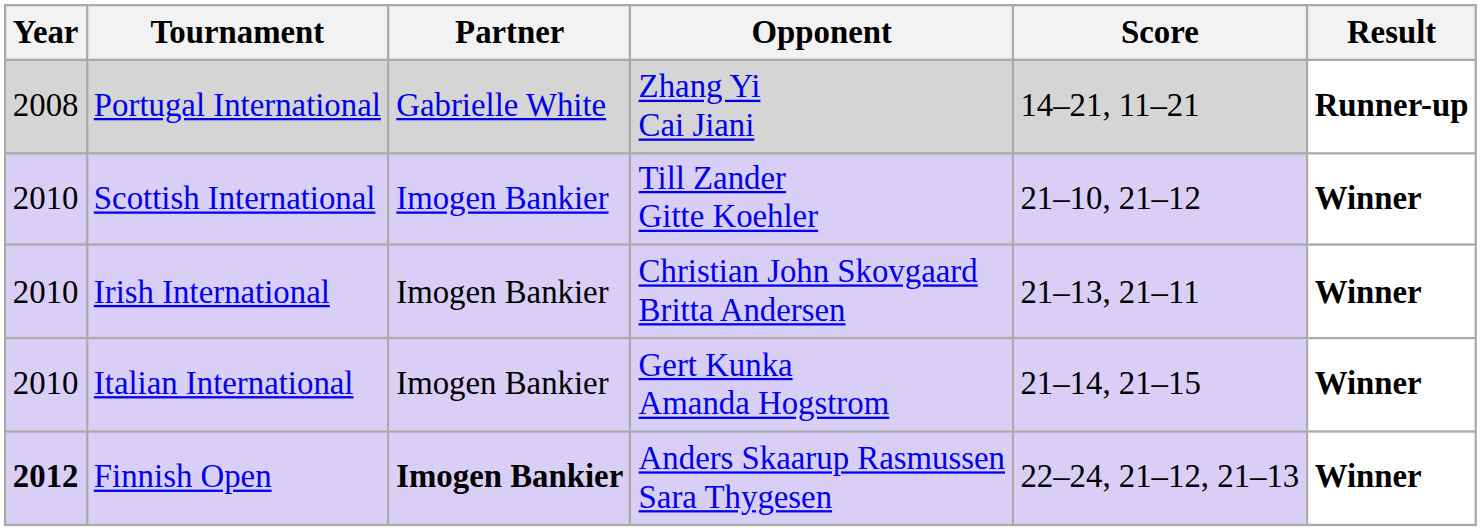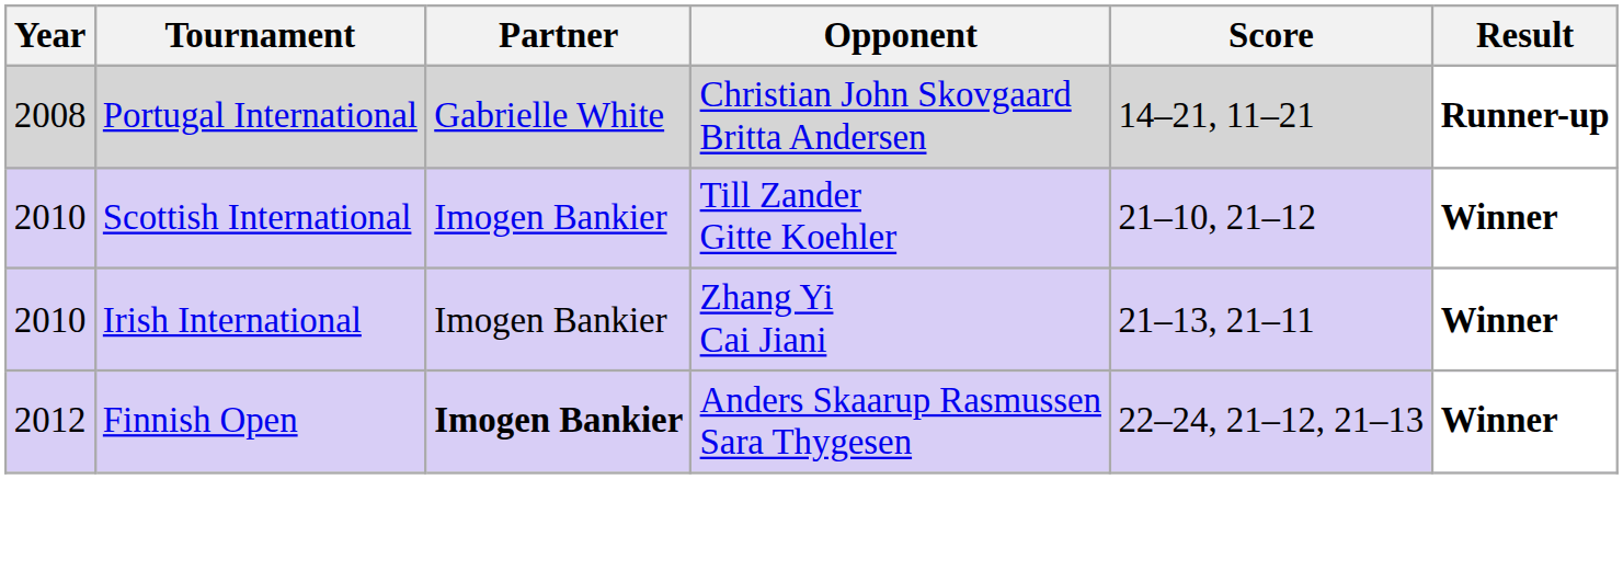 <table class="sortable wikitable" style="font-size: 90%;">
 <tr>
 <th>Year</th>
 <th>Tournament</th>
 <th>Partner</th>
 <th>Opponent</th>
 <th>Score</th>
 <th>Result</th>
 </tr>
 <tr style="background:#D5D5D5">
 <td align="center">2008</td>
 <td align="left"><a href='#'>Portugal International</a></td>
 <td align="left"> <a href='#'>Gabrielle White</a></td>
-<td align="left"> <a href='#'>Zhang Yi</a> <br>  <a href='#'>Cai Jiani</a></td>
+<td align="left"> <a href='#'>Christian John Skovgaard</a> <br>  <a href='#'>Britta Andersen</a></td>
 <td align="left">14–21, 11–21</td>
 <td style="text-align:left; background:white"> <strong>Runner-up</strong></td>
 </tr>
 <tr style="background:#D8CEF6">
 <td align="center">2010</td>
 <td align="left"><a href='#'>Scottish International</a></td>
 <td align="left"> <a href='#'>Imogen Bankier</a></td>
 <td align="left"> <a href='#'>Till Zander</a> <br>  <a href='#'>Gitte Koehler</a></td>
 <td align="left">21–10, 21–12</td>
 <td style="text-align:left; background:white"> <strong>Winner</strong></td>
 </tr>
 <tr style="background:#D8CEF6">
 <td align="center">2010</td>
 <td align="left"><a href='#'>Irish International</a></td>
 <td align="left"> Imogen Bankier</td>
-<td align="left"> <a href='#'>Christian John Skovgaard</a> <br>  <a href='#'>Britta Andersen</a></td>
+<td align="left"> <a href='#'>Zhang Yi</a> <br>  <a href='#'>Cai Jiani</a></td>
 <td align="left">21–13, 21–11</td>
 <td style="text-align:left; background:white"> <strong>Winner</strong></td>
 </tr>
 <tr style="background:#D8CEF6">
-<td align="center">2010</td>
-<td align="left"><a href='#'>Italian International</a></td>
-<td align="left"> Imogen Bankier</td>
-<td align="left"> <a href='#'>Gert Kunka</a> <br>  <a href='#'>Amanda Hogstrom</a></td>
-<td align="left">21–14, 21–15</td>
-<td style="text-align:left; background:white"> <strong>Winner</strong></td>
-</tr>
-<tr style="background:#D8CEF6">
-<td align="center"><strong>2012</strong></td>
+<td align="center">2012</td>
 <td align="left"><a href='#'>Finnish Open</a></td>
 <td align="left"><strong> Imogen Bankier</strong></td>
 <td align="left"> <a href='#'>Anders Skaarup Rasmussen</a> <br>  <a href='#'>Sara Thygesen</a></td>
 <td align="left">22–24, 21–12, 21–13</td>
 <td style="text-align:left; background:white"> <strong>Winner</strong></td>
 </tr>
 </table>
